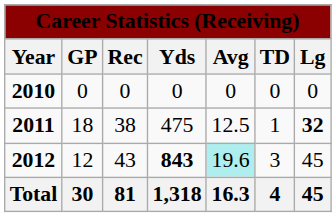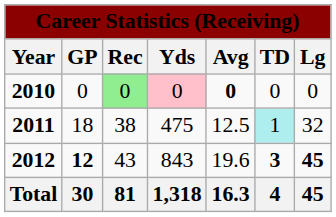 <table class="wikitable">
 <tr bgcolor="#8B0000">
 <td colspan="12" align="center"><span><strong>Career Statistics (Receiving)</strong></span></td>
 </tr>
 <tr align="center">
 <th>Year</th>
 <th>GP</th>
 <th>Rec</th>
 <th>Yds</th>
 <th>Avg</th>
 <th>TD</th>
 <th>Lg</th>
 </tr>
 <tr align="center">
 <td><strong>2010</strong></td>
 <td>0</td>
-<td>0</td>
-<td>0</td>
-<td>0</td>
+<td style="background: lightgreen;">0</td>
+<td style="background: pink;">0</td>
+<td><strong>0</strong></td>
 <td>0</td>
 <td>0</td>
 </tr>
 <tr align="center">
 <td><strong>2011</strong></td>
 <td>18</td>
 <td>38</td>
 <td>475</td>
 <td>12.5</td>
-<td>1</td>
-<td><strong>32</strong></td>
+<td style="background: paleturquoise;">1</td>
+<td>32</td>
 </tr>
 <tr align="center">
 <td><strong>2012</strong></td>
-<td>12</td>
+<td><strong>12</strong></td>
 <td>43</td>
-<td><strong>843</strong></td>
-<td style="background: paleturquoise;">19.6</td>
-<td>3</td>
-<td>45</td>
+<td>843</td>
+<td>19.6</td>
+<td><strong>3</strong></td>
+<td><strong>45</strong></td>
 </tr>
 <tr align="center">
 <th><strong>Total</strong></th>
 <th>30</th>
 <th>81</th>
 <th>1,318</th>
 <th>16.3</th>
 <th>4</th>
 <th>45</th>
 </tr>
 </table>
